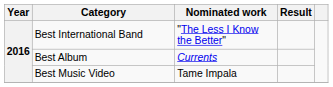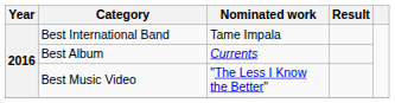 <table class="wikitable plainrowheaders" style="width:80%;">
 <tr>
 <th scope="col" style="width:4%;">Year</th>
 <th scope="col" style="width:50%;">Category</th>
 <th scope="col" style="width:35%;">Nominated work</th>
 <th scope="col" style="width:6%;">Result</th>
 <th scope="col" style="width:6%;"></th>
 </tr>
 <tr>
 <th scope="row" rowspan="3">2016</th>
 <td>Best International Band</td>
-<td>"<a href='#'>The Less I Know the Better</a>"</td>
+<td>Tame Impala</td>
 <td></td>
 <td rowspan="3" style="text-align:center;"></td>
 </tr>
 <tr>
 <td>Best Album</td>
 <td><em><a href='#'>Currents</a></em></td>
 <td></td>
 </tr>
 <tr>
 <td>Best Music Video</td>
-<td>Tame Impala</td>
+<td>"<a href='#'>The Less I Know the Better</a>"</td>
 <td></td>
 </tr>
 <tr>
 </tr>
 </table>
